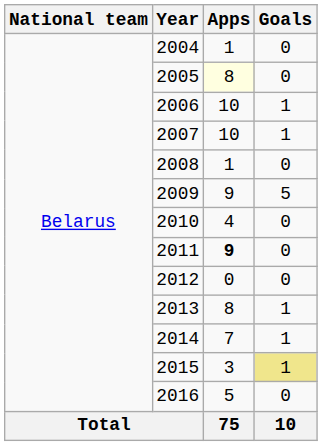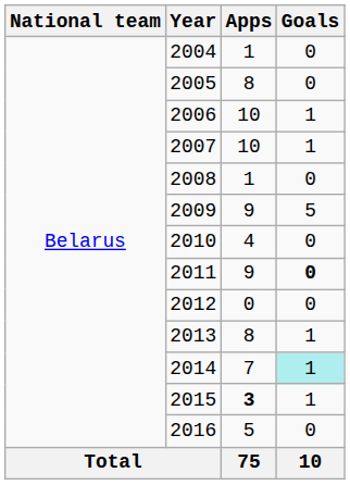 <table class="wikitable" style="text-align:center">
 <tr>
 <th>National team</th>
 <th>Year</th>
 <th>Apps</th>
 <th>Goals</th>
 </tr>
 <tr>
 <td rowspan="13"><a href='#'>Belarus</a></td>
 <td>2004</td>
 <td>1</td>
 <td>0</td>
 </tr>
 <tr>
 <td>2005</td>
-<td style="background: lightyellow;">8</td>
+<td>8</td>
 <td>0</td>
 </tr>
 <tr>
 <td>2006</td>
 <td>10</td>
 <td>1</td>
 </tr>
 <tr>
 <td>2007</td>
 <td>10</td>
 <td>1</td>
 </tr>
 <tr>
 <td>2008</td>
 <td>1</td>
 <td>0</td>
 </tr>
 <tr>
 <td>2009</td>
 <td>9</td>
 <td>5</td>
 </tr>
 <tr>
 <td>2010</td>
 <td>4</td>
 <td>0</td>
 </tr>
 <tr>
 <td>2011</td>
-<td><strong>9</strong></td>
-<td>0</td>
+<td>9</td>
+<td><strong>0</strong></td>
 </tr>
 <tr>
 <td>2012</td>
 <td>0</td>
 <td>0</td>
 </tr>
 <tr>
 <td>2013</td>
 <td>8</td>
 <td>1</td>
 </tr>
 <tr>
 <td>2014</td>
 <td>7</td>
-<td>1</td>
+<td style="background: paleturquoise;">1</td>
 </tr>
 <tr>
 <td>2015</td>
-<td>3</td>
-<td style="background: khaki;">1</td>
+<td><strong>3</strong></td>
+<td>1</td>
 </tr>
 <tr>
 <td>2016</td>
 <td>5</td>
 <td>0</td>
 </tr>
 <tr>
 <th colspan="2">Total</th>
 <th>75</th>
 <th>10</th>
 </tr>
 </table>
